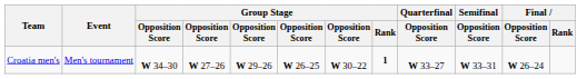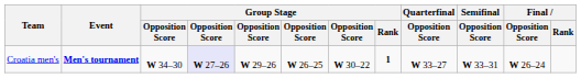 <table class="wikitable" style="font-size:90%">
 <tr>
 <th rowspan=2>Team</th>
 <th rowspan=2>Event</th>
 <th colspan=6>Group Stage</th>
 <th>Quarterfinal</th>
 <th>Semifinal</th>
 <th colspan=2>Final / </th>
 </tr>
 <tr style="font-size:95%">
 <th>Opposition<br>Score</th>
 <th>Opposition<br>Score</th>
 <th>Opposition<br>Score</th>
 <th>Opposition<br>Score</th>
 <th>Opposition<br>Score</th>
 <th>Rank</th>
 <th>Opposition<br>Score</th>
 <th>Opposition<br>Score</th>
 <th>Opposition<br>Score</th>
 <th>Rank</th>
 </tr>
 <tr align=center>
 <td align=left><a href='#'>Croatia men's</a></td>
-<td align=left><a href='#'>Men's tournament</a></td>
+<td align=left><strong><a href='#'>Men's tournament</a></strong></td>
 <td><br><strong>W</strong> 34–30</td>
-<td><br><strong>W</strong> 27–26</td>
+<td style="background: lavender;"><br><strong>W</strong> 27–26</td>
 <td><br><strong>W</strong> 29–26</td>
 <td><br><strong>W</strong> 26–25</td>
 <td><br><strong>W</strong> 30–22</td>
 <td><strong>1</strong></td>
 <td><br><strong>W</strong> 33–27</td>
 <td><br><strong>W</strong> 33–31</td>
 <td><br><strong>W</strong> 26–24</td>
 <td></td>
 </tr>
 </table>
